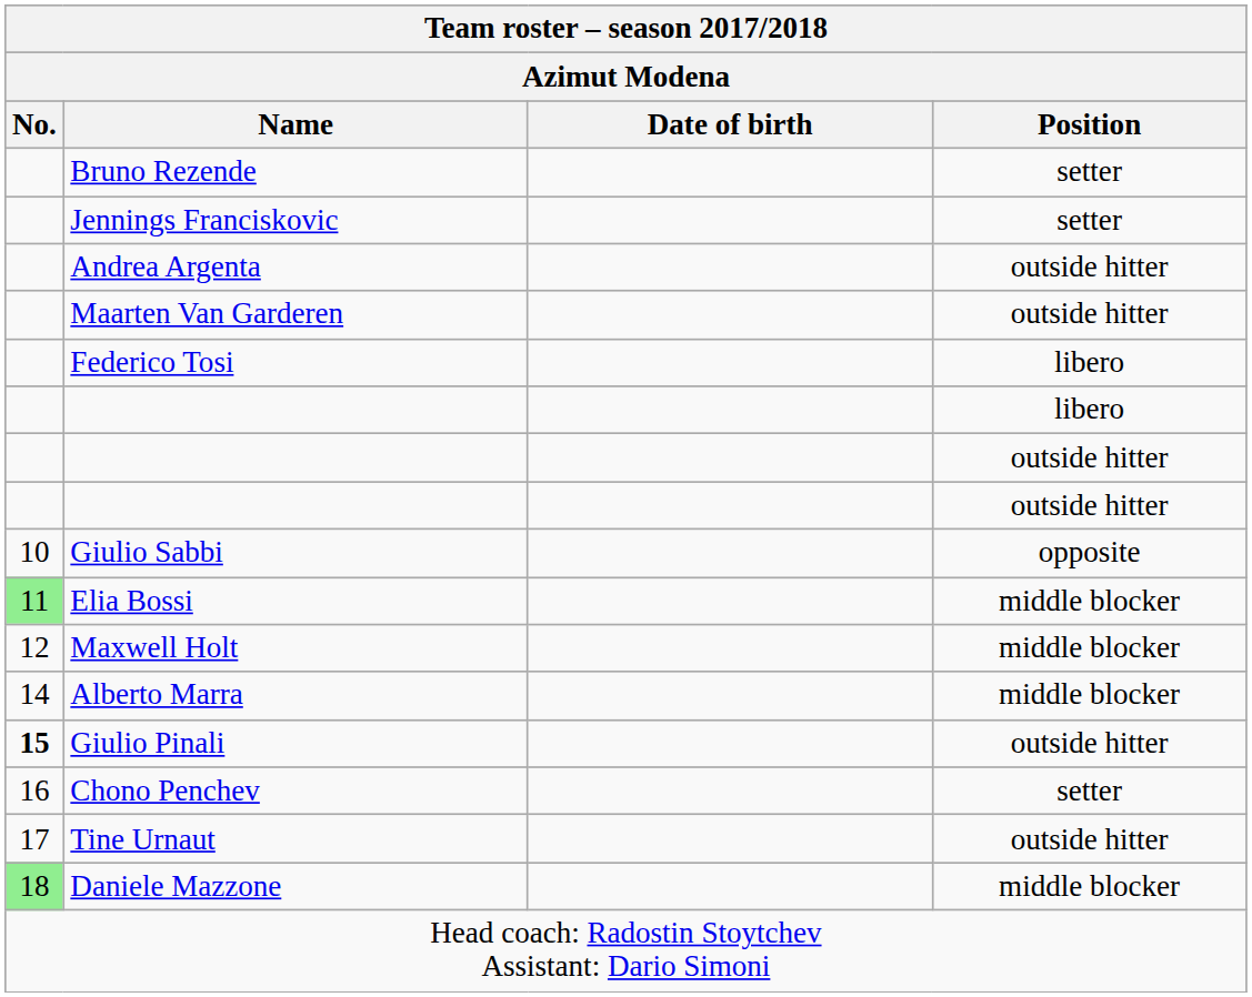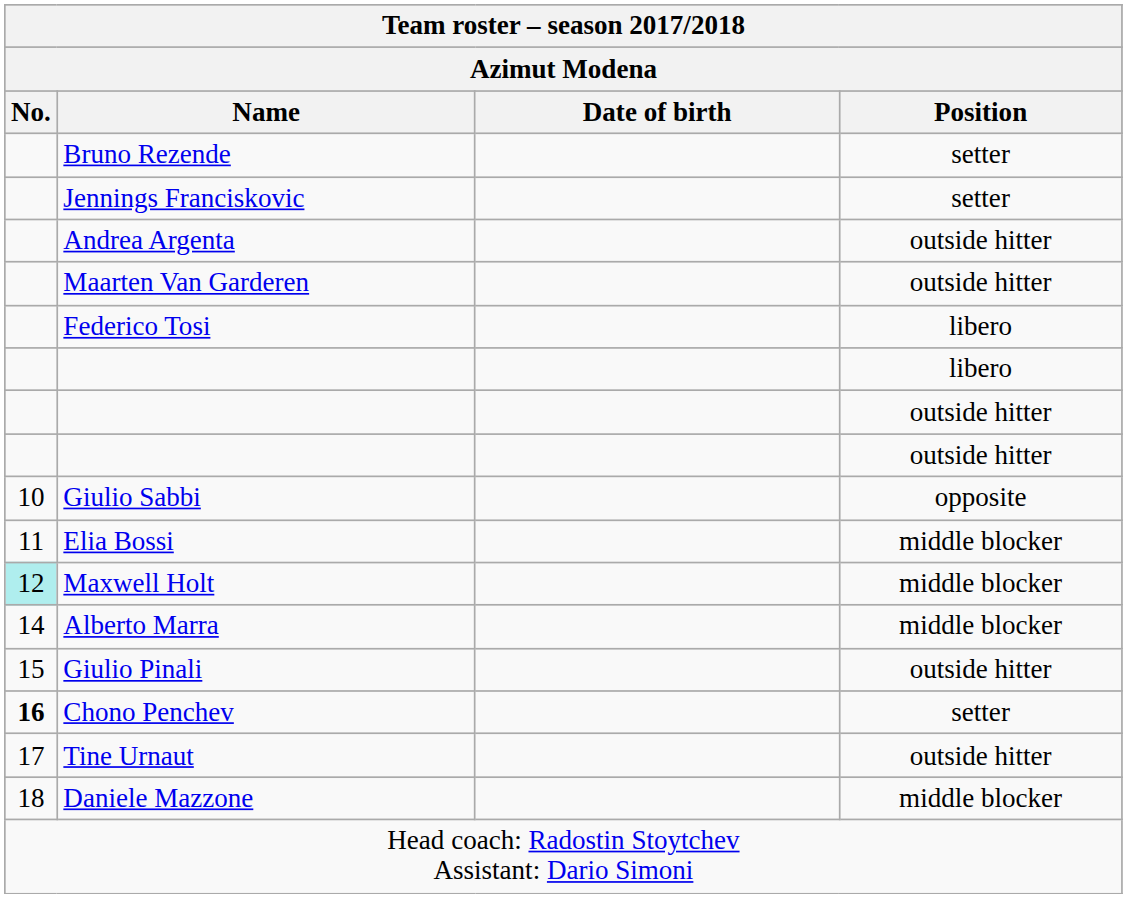 <table class="wikitable collapsible collapsed sortable" style="font-size:100%; text-align:center;">
 <tr>
 <th colspan=6>Team roster – season 2017/2018</th>
 </tr>
 <tr>
 <th colspan=6>Azimut Modena</th>
 </tr>
 <tr>
 <th>No.</th>
 <th style="width:15em">Name</th>
 <th style="width:13em">Date of birth</th>
 <th style="width:10em">Position</th>
 </tr>
 <tr>
 <td></td>
 <td align=left> <a href='#'>Bruno Rezende</a></td>
 <td align=right></td>
 <td>setter</td>
 </tr>
 <tr>
 <td></td>
 <td align=left> <a href='#'>Jennings Franciskovic</a></td>
 <td align=right></td>
 <td>setter</td>
 </tr>
 <tr>
 <td></td>
 <td align=left> <a href='#'>Andrea Argenta</a></td>
 <td align=right></td>
 <td>outside hitter</td>
 </tr>
 <tr>
 <td></td>
 <td align=left> <a href='#'>Maarten Van Garderen</a></td>
 <td align=right></td>
 <td>outside hitter</td>
 </tr>
 <tr>
 <td></td>
 <td align=left> <a href='#'>Federico Tosi</a></td>
 <td align=right></td>
 <td>libero</td>
 </tr>
 <tr>
 <td></td>
 <td align=left> </td>
 <td align=right></td>
 <td>libero</td>
 </tr>
 <tr>
 <td></td>
 <td align=left> </td>
 <td align=right></td>
 <td>outside hitter</td>
 </tr>
 <tr>
 <td></td>
 <td align=left> </td>
 <td align=right></td>
 <td>outside hitter</td>
 </tr>
 <tr>
 <td>10</td>
 <td align=left> <a href='#'>Giulio Sabbi</a></td>
 <td align=right></td>
 <td>opposite</td>
 </tr>
 <tr>
-<td style="background: lightgreen;">11</td>
+<td>11</td>
 <td align=left> <a href='#'>Elia Bossi</a></td>
 <td align=right></td>
 <td>middle blocker</td>
 </tr>
 <tr>
-<td>12</td>
+<td style="background: paleturquoise;">12</td>
 <td align=left> <a href='#'>Maxwell Holt</a></td>
 <td align=right></td>
 <td>middle blocker</td>
 </tr>
 <tr>
 <td>14</td>
 <td align=left> <a href='#'>Alberto Marra</a></td>
 <td align=right></td>
 <td>middle blocker</td>
 </tr>
 <tr>
-<td><strong>15</strong></td>
+<td>15</td>
 <td align=left> <a href='#'>Giulio Pinali</a></td>
 <td align=right></td>
 <td>outside hitter</td>
 </tr>
 <tr>
-<td>16</td>
+<td><strong>16</strong></td>
 <td align=left> <a href='#'>Chono Penchev</a></td>
 <td align=right></td>
 <td>setter</td>
 </tr>
 <tr>
 <td>17</td>
 <td align=left> <a href='#'>Tine Urnaut</a></td>
 <td align=right></td>
 <td>outside hitter</td>
 </tr>
 <tr>
-<td style="background: lightgreen;">18</td>
+<td>18</td>
 <td align=left> <a href='#'>Daniele Mazzone</a></td>
 <td align=right></td>
 <td>middle blocker</td>
 </tr>
 <tr>
 <td colspan=4>Head coach: <a href='#'>Radostin Stoytchev</a><br>Assistant: <a href='#'>Dario Simoni</a></td>
 </tr>
 </table>
